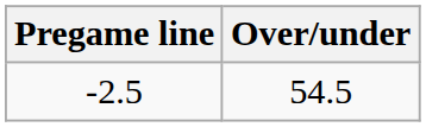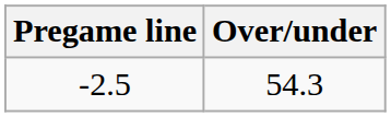 <table class="wikitable" style="margin-left: auto; margin-right: auto; border: none; display: inline-table;">
 <tr align="center">
 <th style=>Pregame line</th>
 <th style=>Over/under</th>
 </tr>
 <tr align="center">
 <td>-2.5</td>
-<td>54.5</td>
+<td>54.3</td>
 </tr>
 </table>
